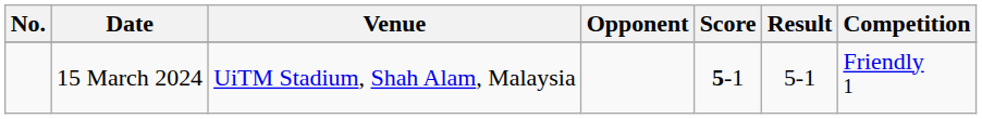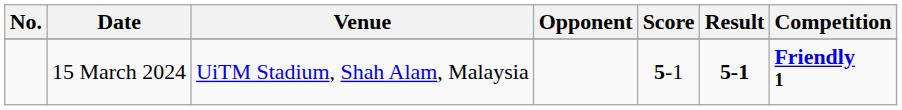 <table class="wikitable" style="font-size:100%;">
 <tr>
 <th>No.</th>
 <th>Date</th>
 <th>Venue</th>
 <th>Opponent</th>
 <th>Score</th>
 <th>Result</th>
 <th>Competition</th>
 </tr>
 <tr>
 </tr>
 <tr -style="background-color:#CAE6FF">
 <td></td>
 <td>15 March 2024</td>
 <td rowspan=4><a href='#'>UiTM Stadium</a>, <a href='#'>Shah Alam</a>, Malaysia</td>
 <td></td>
 <td align=center><strong>5</strong>-1</td>
-<td align=center>5-1</td>
-<td><a href='#'>Friendly</a><br><sup>1</sup></td>
+<td align=center><strong>5-1</strong></td>
+<td><strong><a href='#'>Friendly</a><br><sup>1</sup></strong></td>
 </tr>
 </table>
